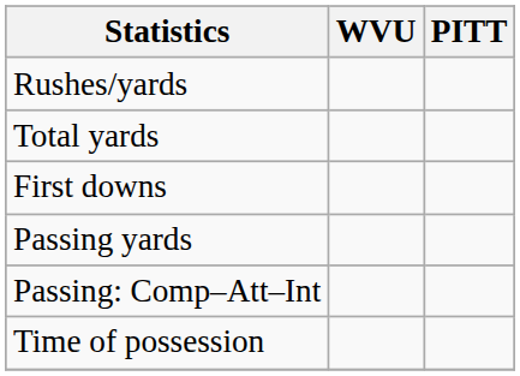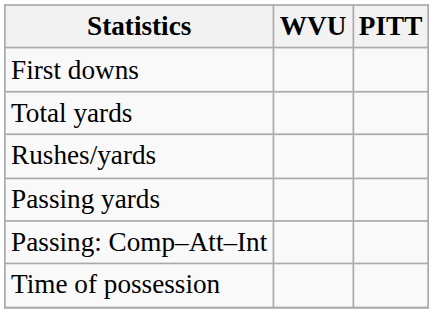 <table class="wikitable" style="float: left;">
 <tr>
 <th>Statistics</th>
 <th>WVU</th>
 <th>PITT</th>
 </tr>
 <tr>
-<td>Rushes/yards</td>
+<td>First downs</td>
 <td></td>
 <td></td>
 </tr>
 <tr>
 <td>Total yards</td>
 <td></td>
 <td></td>
 </tr>
 <tr>
-<td>First downs</td>
+<td>Rushes/yards</td>
 <td></td>
 <td></td>
 </tr>
 <tr>
 <td>Passing yards</td>
 <td></td>
 <td></td>
 </tr>
 <tr>
 <td>Passing: Comp–Att–Int</td>
 <td></td>
 <td></td>
 </tr>
 <tr>
 <td>Time of possession</td>
 <td></td>
 <td></td>
 </tr>
 <tr>
 </tr>
 </table>
